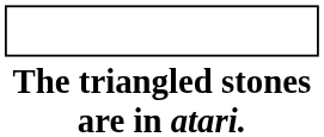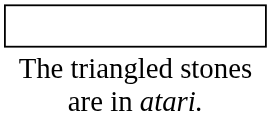 <table style="margin:1em;width: 150px; float:right;">
 <tr>
 <td style="border: solid thin; padding: 2px;"><br></td>
 </tr>
 <tr>
-<td style="text-align:center"><strong>The triangled stones are in <em>atari.</em></strong></td>
+<td style="text-align:center">The triangled stones are in <em>atari.</em></td>
 </tr>
 </table>
